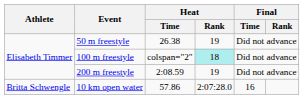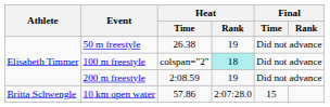 <table class=wikitable style="font-size:90%">
 <tr>
 <th rowspan="2">Athlete</th>
 <th rowspan="2">Event</th>
 <th colspan="2">Heat</th>
 <th colspan="2">Final</th>
 </tr>
 <tr style="font-size:95%">
 <th>Time</th>
 <th>Rank</th>
 <th>Time</th>
 <th>Rank</th>
 </tr>
 <tr align=center>
 <td align=left rowspan=3><a href='#'>Elisabeth Timmer</a></td>
 <td align=left><a href='#'>50 m freestyle</a></td>
 <td>26.38</td>
 <td>19</td>
 <td colspan="2">Did not advance</td>
 </tr>
 <tr align=center>
 <td align=left><a href='#'>100 m freestyle</a></td>
 <td>colspan="2" </td>
 <td style="background: paleturquoise;">18</td>
 <td colspan="2">Did not advance</td>
 </tr>
 <tr align=center>
 <td align=left><a href='#'>200 m freestyle</a></td>
 <td>2:08.59</td>
 <td>19</td>
 <td colspan="2">Did not advance</td>
 </tr>
 <tr align=center>
 <td align=left><a href='#'>Britta Schwengle</a></td>
 <td align=left><a href='#'>10 km open water</a></td>
 <td>57.86</td>
 <td>2:07:28.0</td>
-<td>16</td>
+<td>15</td>
 </tr>
 </table>
